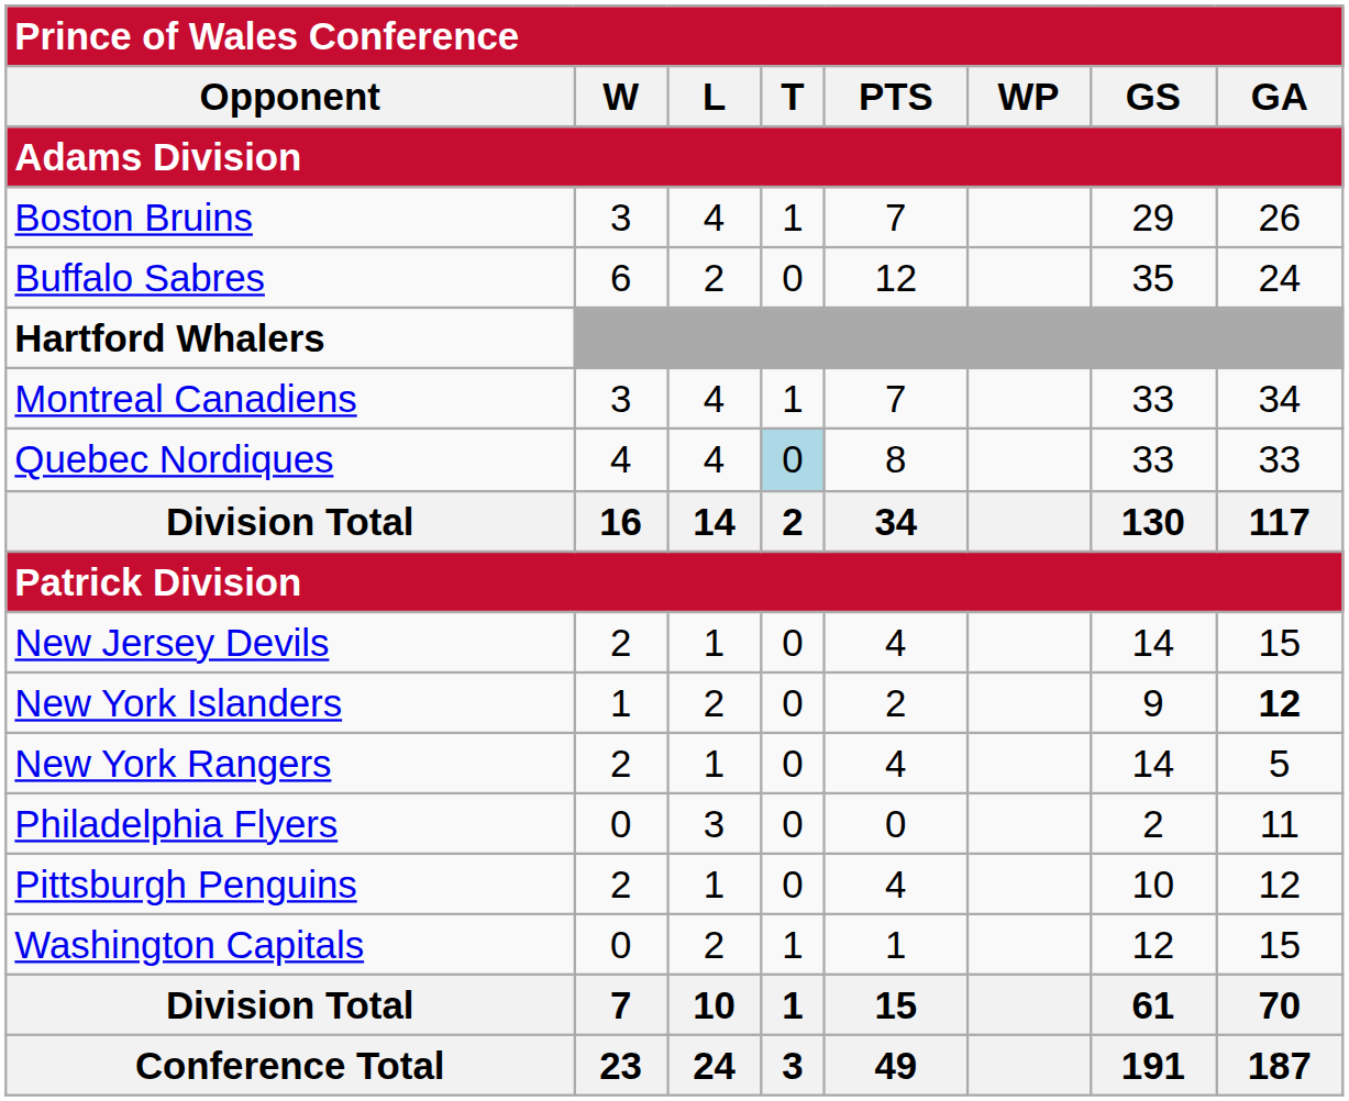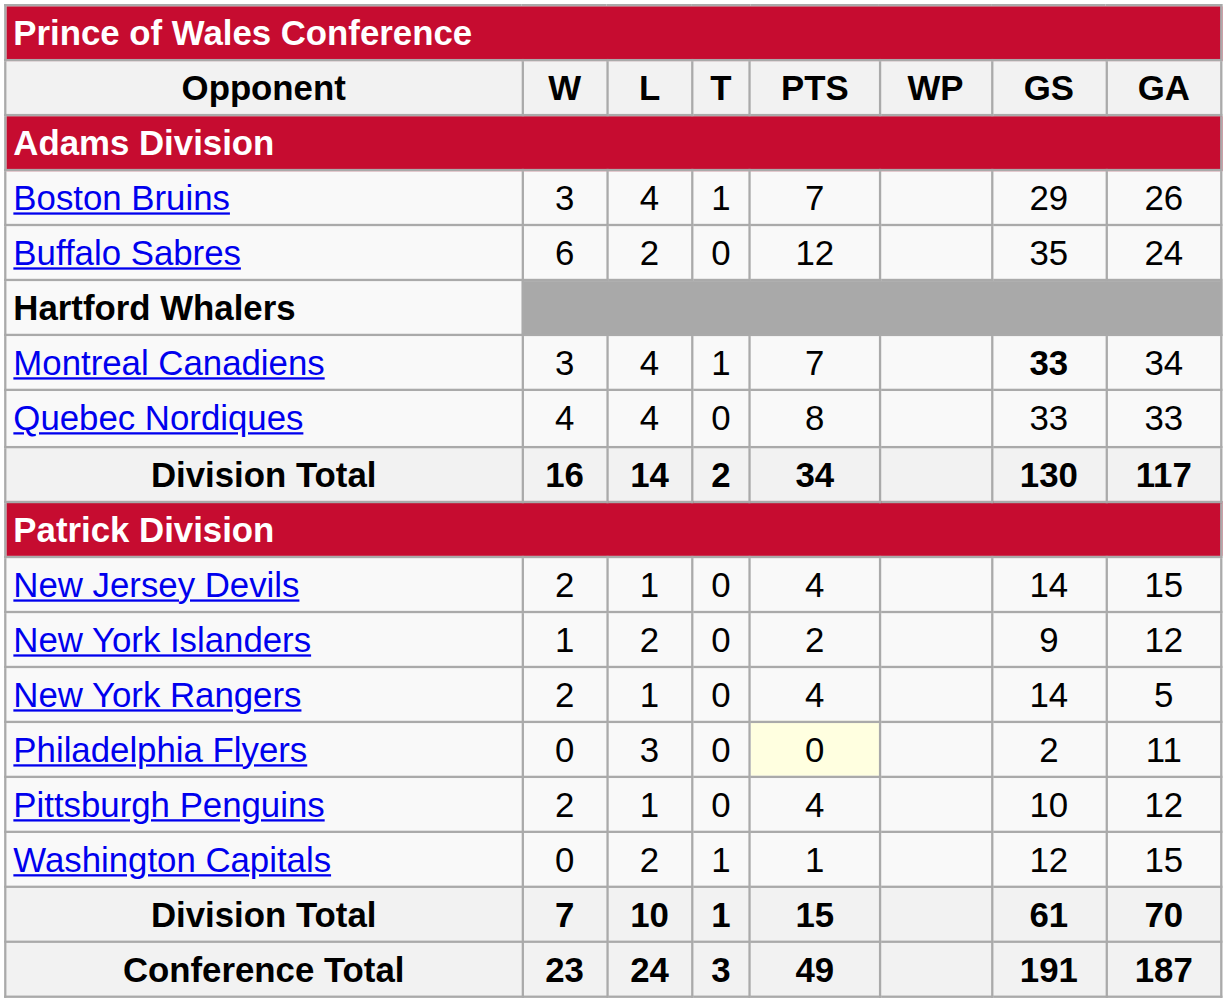 <table class="wikitable" style="font-size:95%; text-align:center; width:35em;margin: 0.5em auto;">
 <tr>
 <th colspan="8" style="text-align:left; background:#c60c30;color:#fff"><strong>Prince of Wales Conference</strong></th>
 </tr>
 <tr>
 <th>Opponent</th>
 <th>W</th>
 <th>L</th>
 <th>T</th>
 <th>PTS</th>
 <th>WP</th>
 <th>GS</th>
 <th>GA</th>
 </tr>
 <tr>
 <th colspan="8" style="text-align:left; background:#c60c30;color:#fff"><strong>Adams Division</strong></th>
 </tr>
 <tr>
 <td style="text-align:left"><a href='#'>Boston Bruins</a></td>
 <td>3</td>
 <td>4</td>
 <td>1</td>
 <td>7</td>
 <td></td>
 <td>29</td>
 <td>26</td>
 </tr>
 <tr>
 <td style="text-align:left"><a href='#'>Buffalo Sabres</a></td>
 <td>6</td>
 <td>2</td>
 <td>0</td>
 <td>12</td>
 <td></td>
 <td>35</td>
 <td>24</td>
 </tr>
 <tr>
 <td style="text-align:left"><strong>Hartford Whalers</strong></td>
 <td colspan=7 style="background:darkgray;"></td>
 </tr>
 <tr>
 <td style="text-align:left"><a href='#'>Montreal Canadiens</a></td>
 <td>3</td>
 <td>4</td>
 <td>1</td>
 <td>7</td>
 <td></td>
-<td>33</td>
+<td><strong>33</strong></td>
 <td>34</td>
 </tr>
 <tr>
 <td style="text-align:left"><a href='#'>Quebec Nordiques</a></td>
 <td>4</td>
 <td>4</td>
-<td style="background: lightblue;">0</td>
+<td>0</td>
 <td>8</td>
 <td></td>
 <td>33</td>
 <td>33</td>
 </tr>
 <tr>
 <th>Division Total</th>
 <th>16</th>
 <th>14</th>
 <th>2</th>
 <th>34</th>
 <th></th>
 <th>130</th>
 <th>117</th>
 </tr>
 <tr>
 <th colspan="8" style="text-align:left; background:#c60c30;color:#fff"><strong>Patrick Division</strong></th>
 </tr>
 <tr>
 <td style="text-align:left"><a href='#'>New Jersey Devils</a></td>
 <td>2</td>
 <td>1</td>
 <td>0</td>
 <td>4</td>
 <td></td>
 <td>14</td>
 <td>15</td>
 </tr>
 <tr>
 <td style="text-align:left"><a href='#'>New York Islanders</a></td>
 <td>1</td>
 <td>2</td>
 <td>0</td>
 <td>2</td>
 <td></td>
 <td>9</td>
-<td><strong>12</strong></td>
+<td>12</td>
 </tr>
 <tr>
 <td style="text-align:left"><a href='#'>New York Rangers</a></td>
 <td>2</td>
 <td>1</td>
 <td>0</td>
 <td>4</td>
 <td></td>
 <td>14</td>
 <td>5</td>
 </tr>
 <tr>
 <td style="text-align:left"><a href='#'>Philadelphia Flyers</a></td>
 <td>0</td>
 <td>3</td>
 <td>0</td>
-<td>0</td>
+<td style="background: lightyellow;">0</td>
 <td></td>
 <td>2</td>
 <td>11</td>
 </tr>
 <tr>
 <td style="text-align:left"><a href='#'>Pittsburgh Penguins</a></td>
 <td>2</td>
 <td>1</td>
 <td>0</td>
 <td>4</td>
 <td></td>
 <td>10</td>
 <td>12</td>
 </tr>
 <tr>
 <td style="text-align:left"><a href='#'>Washington Capitals</a></td>
 <td>0</td>
 <td>2</td>
 <td>1</td>
 <td>1</td>
 <td></td>
 <td>12</td>
 <td>15</td>
 </tr>
 <tr>
 <th>Division Total</th>
 <th>7</th>
 <th>10</th>
 <th>1</th>
 <th>15</th>
 <th></th>
 <th>61</th>
 <th>70</th>
 </tr>
 <tr>
 <th>Conference Total</th>
 <th>23</th>
 <th>24</th>
 <th>3</th>
 <th>49</th>
 <th></th>
 <th>191</th>
 <th>187</th>
 </tr>
 </table>
